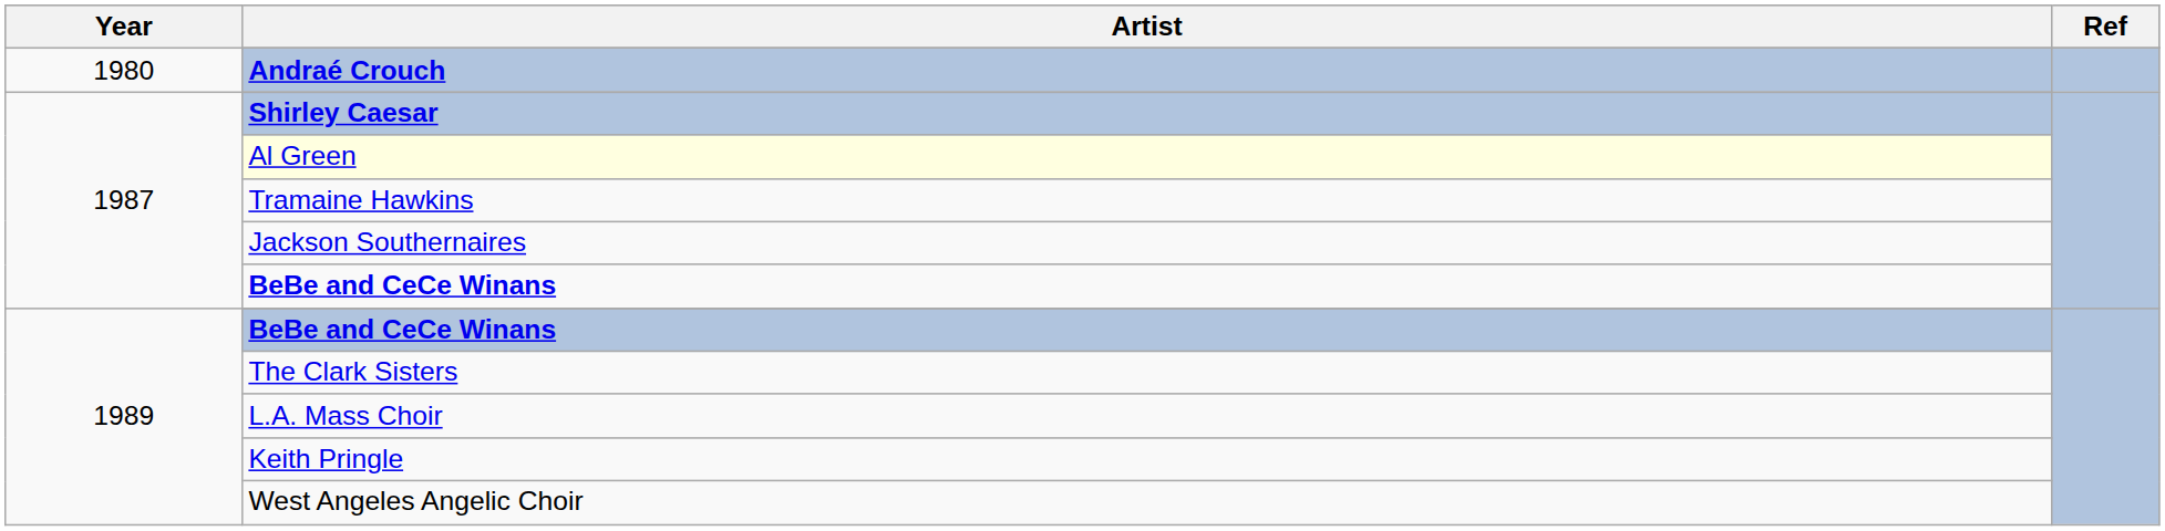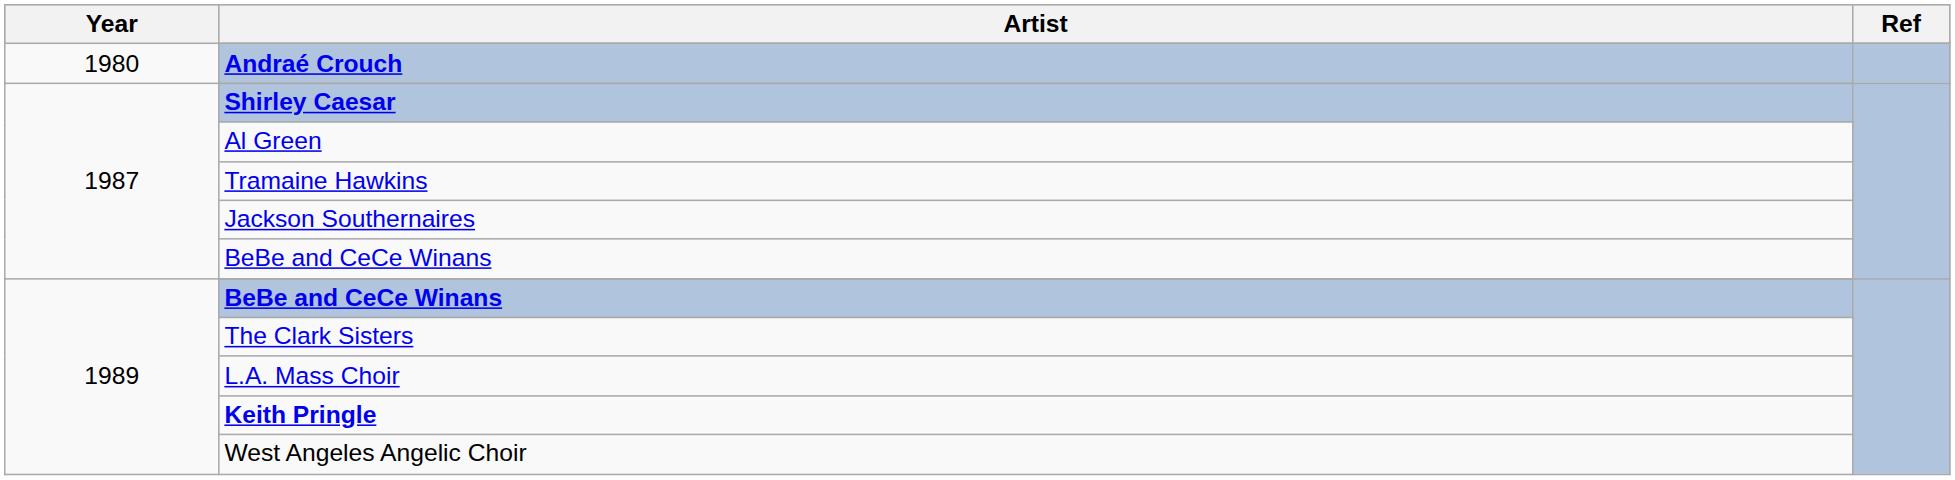 <table class="wikitable" style="width:100%;">
 <tr style="background:#bebebe;">
 <th style="width:11%;">Year</th>
 <th style="width:84%;">Artist</th>
 <th style="width:5%;">Ref</th>
 </tr>
 <tr>
 <td rowspan="2" align="center">1980</td>
 </tr>
 <tr style="background:#B0C4DE">
 <td><strong><a href='#'>Andraé Crouch</a></strong></td>
 <td rowspan="2" align="center"></td>
 </tr>
 <tr>
 <td rowspan="6" align="center">1987</td>
 </tr>
 <tr style="background:#B0C4DE">
 <td><strong><a href='#'>Shirley Caesar</a></strong></td>
 <td rowspan="6" align="center"></td>
 </tr>
 <tr>
-<td style="background: lightyellow;"><a href='#'>Al Green</a></td>
+<td><a href='#'>Al Green</a></td>
 </tr>
 <tr>
 <td><a href='#'>Tramaine Hawkins</a></td>
 </tr>
 <tr>
 <td><a href='#'>Jackson Southernaires</a></td>
 </tr>
 <tr>
-<td><strong><a href='#'>BeBe and CeCe Winans</a></strong></td>
+<td><a href='#'>BeBe and CeCe Winans</a></td>
 </tr>
 <tr>
 <td rowspan="6" align="center">1989</td>
 </tr>
 <tr style="background:#B0C4DE">
 <td><strong><a href='#'>BeBe and CeCe Winans</a></strong></td>
 <td rowspan="6" align="center"></td>
 </tr>
 <tr>
 <td><a href='#'>The Clark Sisters</a></td>
 </tr>
 <tr>
 <td><a href='#'>L.A. Mass Choir</a></td>
 </tr>
 <tr>
-<td><a href='#'>Keith Pringle</a></td>
+<td><strong><a href='#'>Keith Pringle</a></strong></td>
 </tr>
 <tr>
 <td>West Angeles Angelic Choir</td>
 </tr>
 </table>
